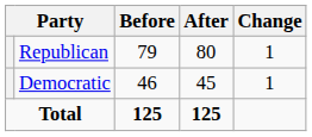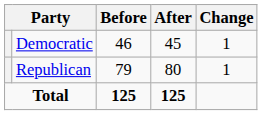 <table class="wikitable" style="text-align:center;">
 <tr>
 <th colspan="2">Party</th>
 <th>Before</th>
 <th>After</th>
 <th>Change</th>
 </tr>
 <tr>
 <th style="background-color:"></th>
-<td style="text-align:left;"><a href='#'>Republican</a></td>
-<td>79</td>
-<td>80</td>
+<td style="text-align:left;"><a href='#'>Democratic</a></td>
+<td>46</td>
+<td>45</td>
 <td> 1</td>
 </tr>
 <tr>
 <th style="background-color:"></th>
-<td style="text-align:left;"><a href='#'>Democratic</a></td>
-<td>46</td>
-<td>45</td>
+<td style="text-align:left;"><a href='#'>Republican</a></td>
+<td>79</td>
+<td>80</td>
 <td> 1</td>
 </tr>
 <tr>
 <td colspan="2"><strong>Total</strong></td>
 <td><strong>125</strong></td>
 <td><strong>125</strong></td>
 <td></td>
 </tr>
 </table>
